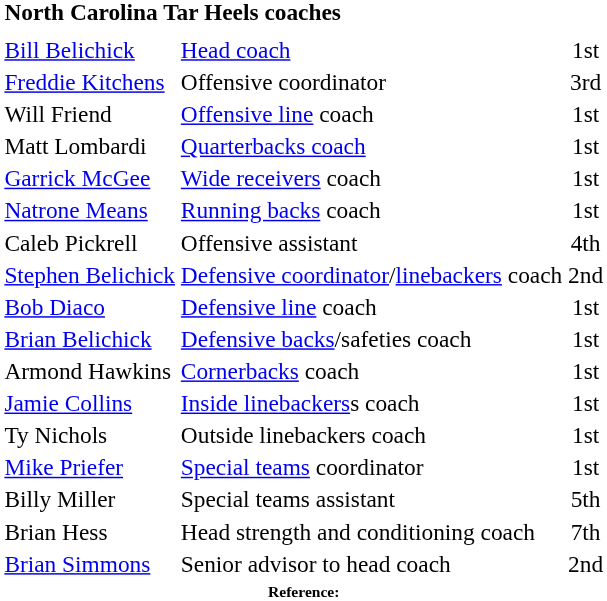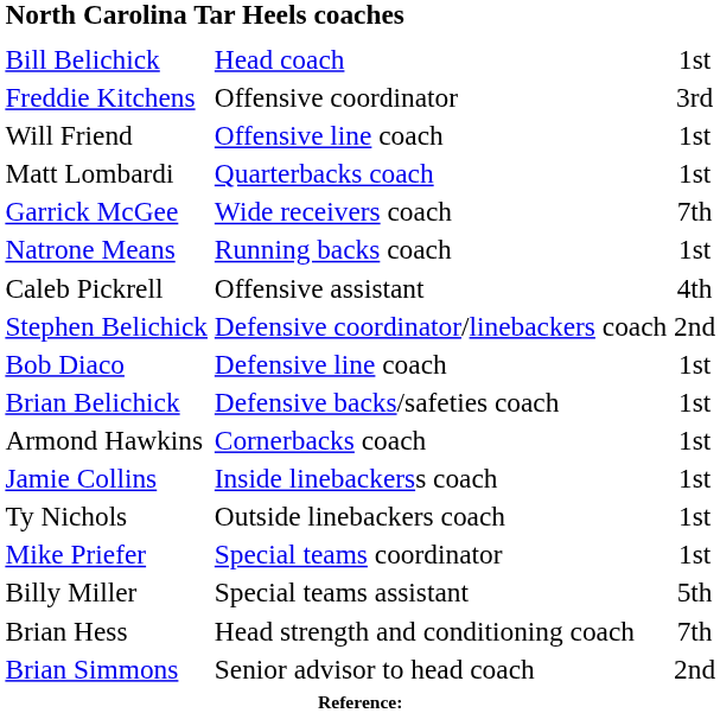 <table class="toccolours" style="text-align: left;">
 <tr>
 <td colspan="9"><strong>North Carolina Tar Heels coaches</strong></td>
 </tr>
 <tr>
 <td style="font-size: 95%;" valign="top"></td>
 </tr>
 <tr>
 <td><a href='#'>Bill Belichick</a></td>
 <td><a href='#'>Head coach</a></td>
 <td align=center>1st</td>
 </tr>
 <tr>
 <td><a href='#'>Freddie Kitchens</a></td>
 <td>Offensive coordinator</td>
 <td align=center>3rd</td>
 </tr>
 <tr>
 <td>Will Friend</td>
 <td><a href='#'>Offensive line</a> coach</td>
 <td align=center>1st</td>
 </tr>
 <tr>
 <td>Matt Lombardi</td>
 <td><a href='#'>Quarterbacks coach</a></td>
 <td align=center>1st</td>
 </tr>
 <tr>
 <td><a href='#'>Garrick McGee</a></td>
 <td><a href='#'>Wide receivers</a> coach</td>
-<td align=center>1st</td>
+<td align=center>7th</td>
 </tr>
 <tr>
 <td><a href='#'>Natrone Means</a></td>
 <td><a href='#'>Running backs</a> coach</td>
 <td align=center>1st</td>
 </tr>
 <tr>
 <td>Caleb Pickrell</td>
 <td>Offensive assistant</td>
 <td align=center>4th</td>
 </tr>
 <tr>
 <td><a href='#'>Stephen Belichick</a></td>
 <td><a href='#'>Defensive coordinator</a>/<a href='#'>linebackers</a> coach</td>
 <td align=center>2nd</td>
 </tr>
 <tr>
 <td><a href='#'>Bob Diaco</a></td>
 <td><a href='#'>Defensive line</a> coach</td>
 <td align=center>1st</td>
 </tr>
 <tr>
 <td><a href='#'>Brian Belichick</a></td>
 <td><a href='#'>Defensive backs</a>/safeties coach</td>
 <td align=center>1st</td>
 </tr>
 <tr>
 <td>Armond Hawkins</td>
 <td><a href='#'>Cornerbacks</a> coach</td>
 <td align=center>1st</td>
 </tr>
 <tr>
 <td><a href='#'>Jamie Collins</a></td>
 <td><a href='#'>Inside linebackers</a>s coach</td>
 <td align=center>1st</td>
 </tr>
 <tr>
 <td>Ty Nichols</td>
 <td>Outside linebackers coach</td>
 <td align=center>1st</td>
 </tr>
 <tr>
 <td><a href='#'>Mike Priefer</a></td>
 <td><a href='#'>Special teams</a> coordinator</td>
 <td align=center>1st</td>
 </tr>
 <tr>
 <td>Billy Miller</td>
 <td>Special teams assistant</td>
 <td align=center>5th</td>
 </tr>
 <tr>
 <td>Brian Hess</td>
 <td>Head strength and conditioning coach</td>
 <td align=center>7th</td>
 </tr>
 <tr>
 <td><a href='#'>Brian Simmons</a></td>
 <td>Senior advisor to head coach</td>
 <td align=center>2nd</td>
 </tr>
 <tr>
 <td colspan="4"  style="font-size:8pt; text-align:center;"><strong>Reference:</strong></td>
 </tr>
 </table>
